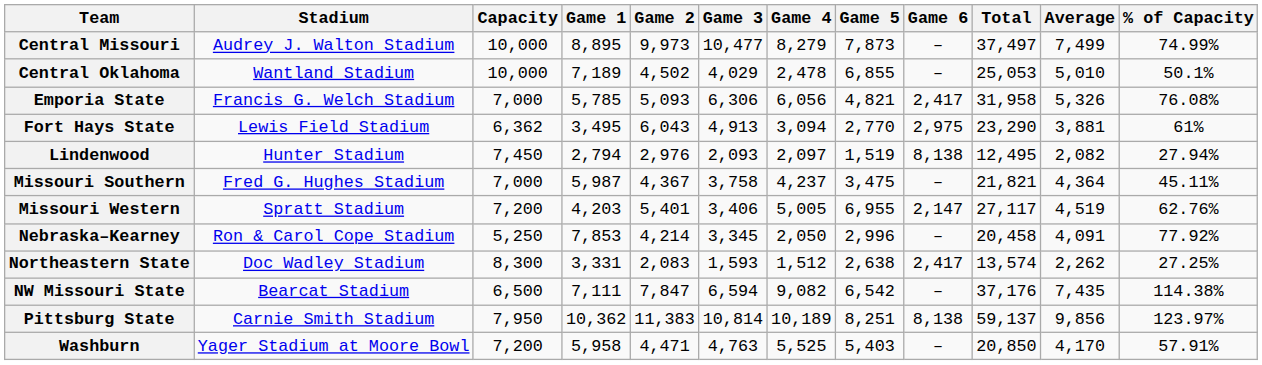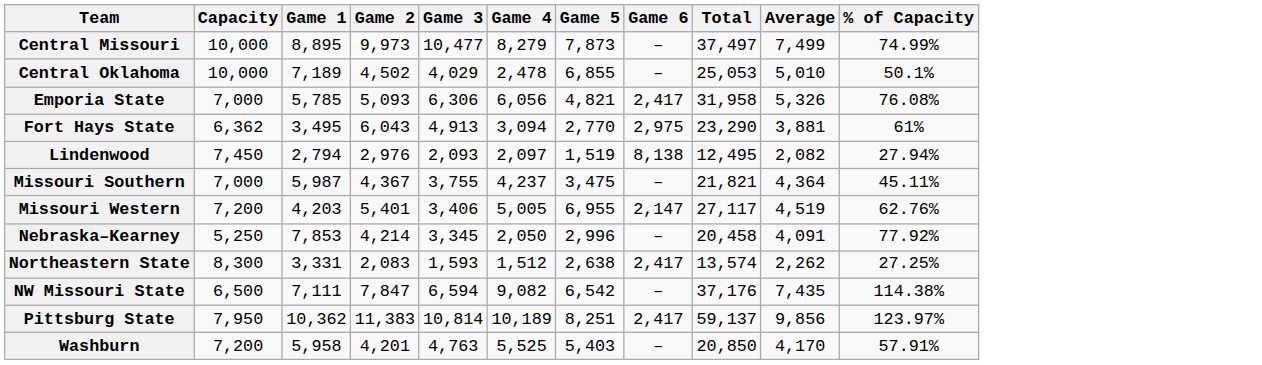 <table class="wikitable" style="text-align:center">
 <tr>
 <th>Team</th>
-<th>Stadium</th>
 <th>Capacity</th>
 <th>Game 1</th>
 <th>Game 2</th>
 <th>Game 3</th>
 <th>Game 4</th>
 <th>Game 5</th>
 <th>Game 6</th>
 <th>Total</th>
 <th>Average</th>
 <th>% of Capacity</th>
 </tr>
 <tr>
 <th>Central Missouri</th>
-<td><a href='#'>Audrey J. Walton Stadium</a></td>
 <td>10,000</td>
 <td>8,895</td>
 <td>9,973</td>
 <td>10,477</td>
 <td>8,279</td>
 <td>7,873</td>
 <td>–</td>
 <td>37,497</td>
 <td>7,499</td>
 <td>74.99%</td>
 </tr>
 <tr>
 <th>Central Oklahoma</th>
-<td><a href='#'>Wantland Stadium</a></td>
 <td>10,000</td>
 <td>7,189</td>
 <td>4,502</td>
 <td>4,029</td>
 <td>2,478</td>
 <td>6,855</td>
 <td>–</td>
 <td>25,053</td>
 <td>5,010</td>
 <td>50.1%</td>
 </tr>
 <tr>
 <th>Emporia State</th>
-<td><a href='#'>Francis G. Welch Stadium</a></td>
 <td>7,000</td>
 <td>5,785</td>
 <td>5,093</td>
 <td>6,306</td>
 <td>6,056</td>
 <td>4,821</td>
 <td>2,417</td>
 <td>31,958</td>
 <td>5,326</td>
 <td>76.08%</td>
 </tr>
 <tr>
 <th>Fort Hays State</th>
-<td><a href='#'>Lewis Field Stadium</a></td>
 <td>6,362</td>
 <td>3,495</td>
 <td>6,043</td>
 <td>4,913</td>
 <td>3,094</td>
 <td>2,770</td>
 <td>2,975</td>
 <td>23,290</td>
 <td>3,881</td>
 <td>61%</td>
 </tr>
 <tr>
 <th>Lindenwood</th>
-<td><a href='#'>Hunter Stadium</a></td>
 <td>7,450</td>
 <td>2,794</td>
 <td>2,976</td>
 <td>2,093</td>
 <td>2,097</td>
 <td>1,519</td>
 <td>8,138</td>
 <td>12,495</td>
 <td>2,082</td>
 <td>27.94%</td>
 </tr>
 <tr>
 <th>Missouri Southern</th>
-<td><a href='#'>Fred G. Hughes Stadium</a></td>
 <td>7,000</td>
 <td>5,987</td>
 <td>4,367</td>
-<td>3,758</td>
+<td>3,755</td>
 <td>4,237</td>
 <td>3,475</td>
 <td>–</td>
 <td>21,821</td>
 <td>4,364</td>
 <td>45.11%</td>
 </tr>
 <tr>
 <th>Missouri Western</th>
-<td><a href='#'>Spratt Stadium</a></td>
 <td>7,200</td>
 <td>4,203</td>
 <td>5,401</td>
 <td>3,406</td>
 <td>5,005</td>
 <td>6,955</td>
 <td>2,147</td>
 <td>27,117</td>
 <td>4,519</td>
 <td>62.76%</td>
 </tr>
 <tr>
 <th>Nebraska–Kearney</th>
-<td><a href='#'>Ron & Carol Cope Stadium</a></td>
 <td>5,250 </td>
 <td>7,853</td>
 <td>4,214</td>
 <td>3,345</td>
 <td>2,050</td>
 <td>2,996</td>
 <td>–</td>
 <td>20,458</td>
 <td>4,091</td>
 <td>77.92%</td>
 </tr>
 <tr>
 <th>Northeastern State</th>
-<td><a href='#'>Doc Wadley Stadium</a></td>
 <td>8,300</td>
 <td>3,331</td>
 <td>2,083</td>
 <td>1,593</td>
 <td>1,512</td>
 <td>2,638</td>
 <td>2,417</td>
 <td>13,574</td>
 <td>2,262</td>
 <td>27.25%</td>
 </tr>
 <tr>
 <th>NW Missouri State</th>
-<td><a href='#'>Bearcat Stadium</a></td>
 <td>6,500</td>
 <td>7,111</td>
 <td>7,847</td>
 <td>6,594</td>
 <td>9,082</td>
 <td>6,542</td>
 <td>–</td>
 <td>37,176</td>
 <td>7,435</td>
 <td>114.38%</td>
 </tr>
 <tr>
 <th>Pittsburg State</th>
-<td><a href='#'>Carnie Smith Stadium</a></td>
 <td>7,950</td>
 <td>10,362</td>
 <td>11,383</td>
 <td>10,814</td>
 <td>10,189</td>
 <td>8,251</td>
-<td>8,138</td>
+<td>2,417</td>
 <td>59,137</td>
 <td>9,856</td>
 <td>123.97%</td>
 </tr>
 <tr>
 <th>Washburn</th>
-<td><a href='#'>Yager Stadium at Moore Bowl</a></td>
 <td>7,200</td>
 <td>5,958</td>
-<td>4,471</td>
+<td>4,201</td>
 <td>4,763</td>
 <td>5,525</td>
 <td>5,403</td>
 <td>–</td>
 <td>20,850</td>
 <td>4,170</td>
 <td>57.91%</td>
 </tr>
 </table>
